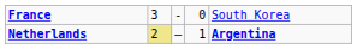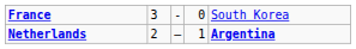 <table class="wikitable">
 <tr>
 <td width=150> <strong><a href='#'>France</a></strong></td>
 <td style="width:20px; text-align:left;">3</td>
 <td>-</td>
 <td style="width:20px; text-align:right;">0</td>
 <td width=150> <a href='#'>South Korea</a></td>
 </tr>
 <tr>
 <td> <strong><a href='#'>Netherlands</a></strong></td>
-<td style="background: khaki; text-align:left;">2</td>
+<td style="text-align:left;">2</td>
 <td>–</td>
 <td style="text-align:right;">1</td>
 <td><strong> <a href='#'>Argentina</a></strong></td>
 </tr>
 </table>
